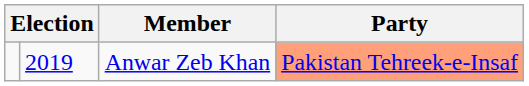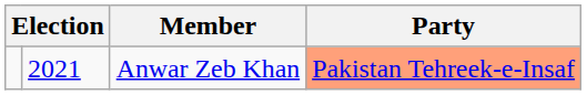 <table class="wikitable">
 <tr>
 <th colspan="2">Election</th>
 <th>Member</th>
 <th>Party</th>
 </tr>
 <tr>
 <td style="background-color: "></td>
-<td><a href='#'>2019</a></td>
+<td><a href='#'>2021</a></td>
 <td><a href='#'>Anwar Zeb Khan</a></td>
 <td style="background: lightsalmon;"><a href='#'>Pakistan Tehreek-e-Insaf</a></td>
 </tr>
 </table>
